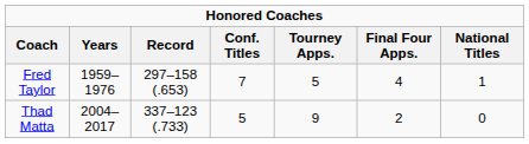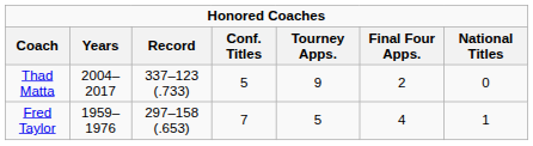 <table class="wikitable" style="text-align:center">
 <tr>
 <td colspan="7"><strong>Honored Coaches</strong></td>
 </tr>
 <tr>
 <th>Coach</th>
 <th>Years</th>
 <th>Record</th>
 <th>Conf. Titles</th>
 <th>Tourney Apps.</th>
 <th>Final Four Apps.</th>
 <th>National Titles</th>
 </tr>
 <tr>
+<td><a href='#'>Thad Matta</a></td>
+<td>2004–2017</td>
+<td>337–123 (.733)</td>
+<td>5</td>
+<td>9</td>
+<td>2</td>
+<td>0</td>
+</tr>
+<tr>
 <td><a href='#'>Fred Taylor</a></td>
 <td>1959–1976</td>
 <td>297–158 (.653)</td>
 <td>7</td>
 <td>5</td>
 <td>4</td>
 <td>1</td>
 </tr>
-<tr>
-<td><a href='#'>Thad Matta</a></td>
-<td>2004–2017</td>
-<td>337–123 (.733)</td>
-<td>5</td>
-<td>9</td>
-<td>2</td>
-<td>0</td>
-</tr>
 </table>
